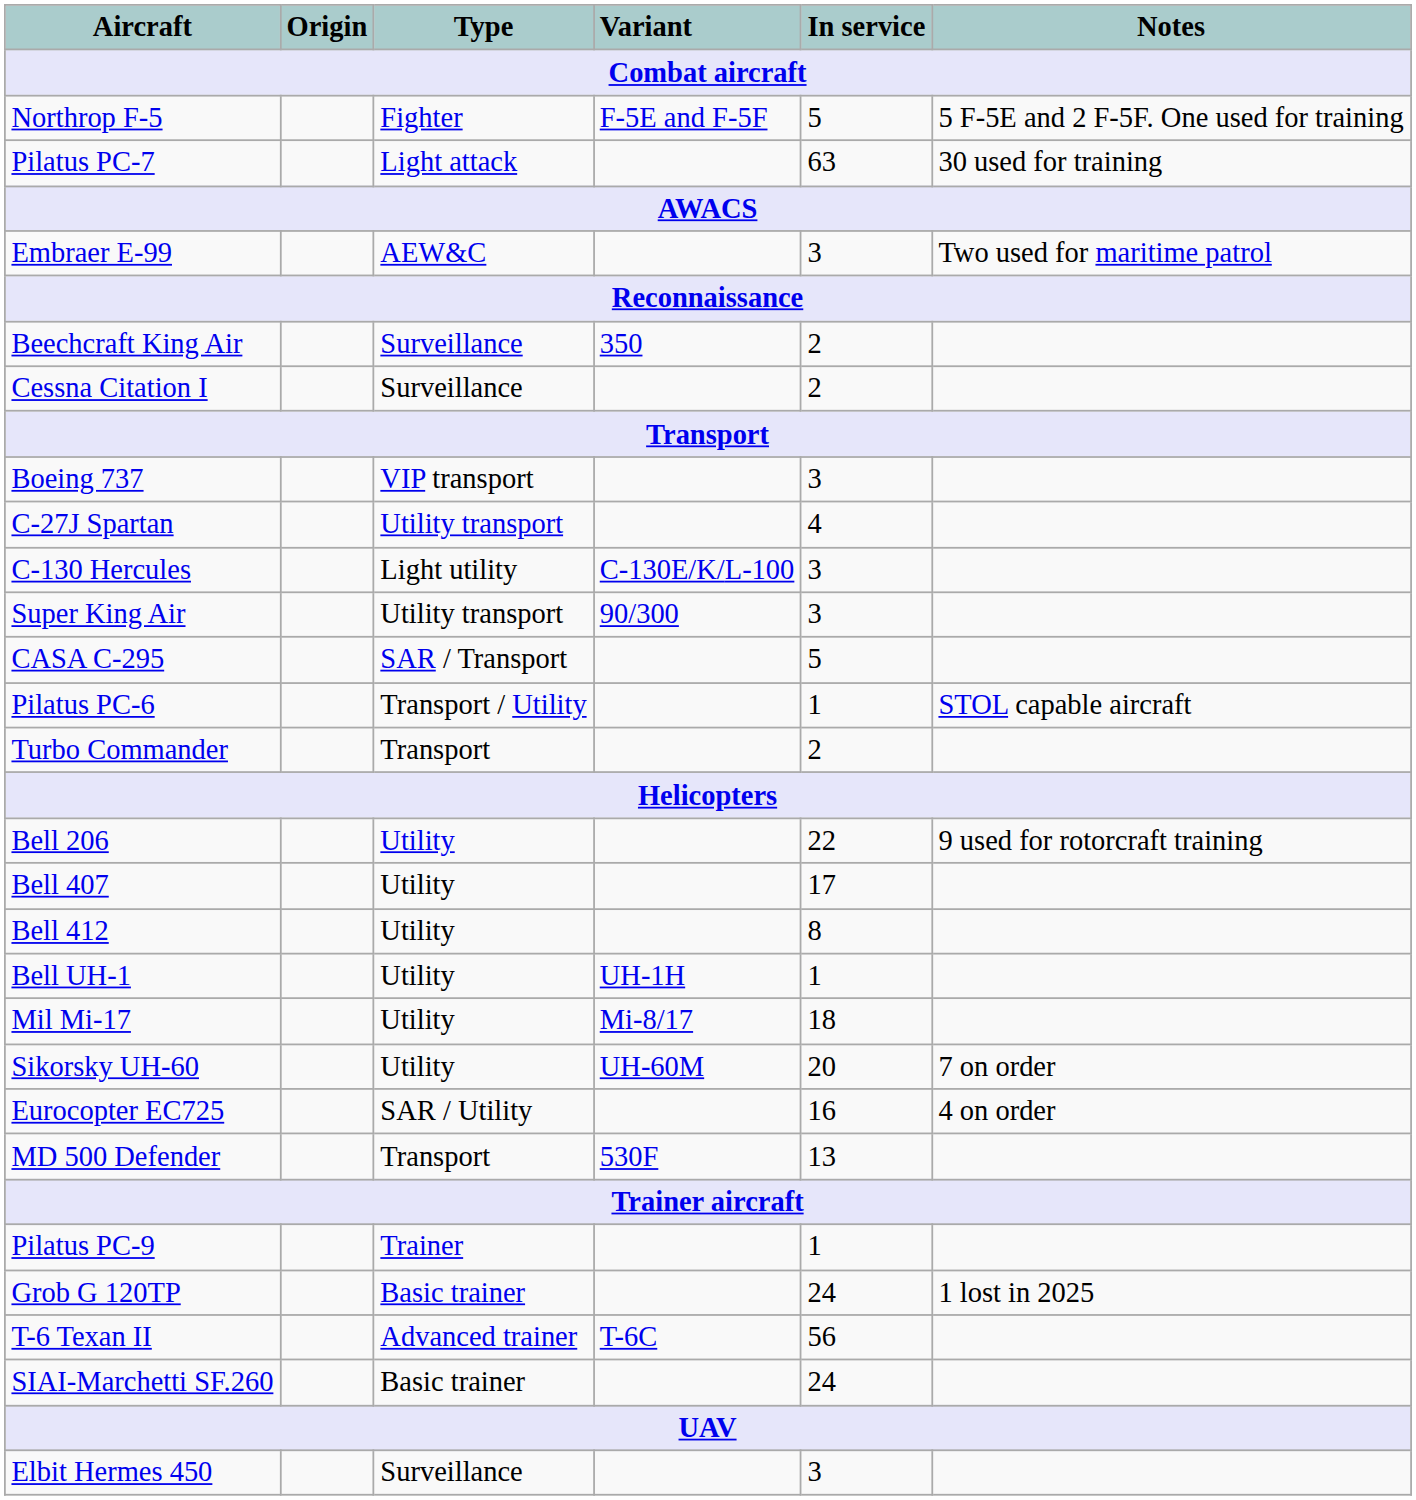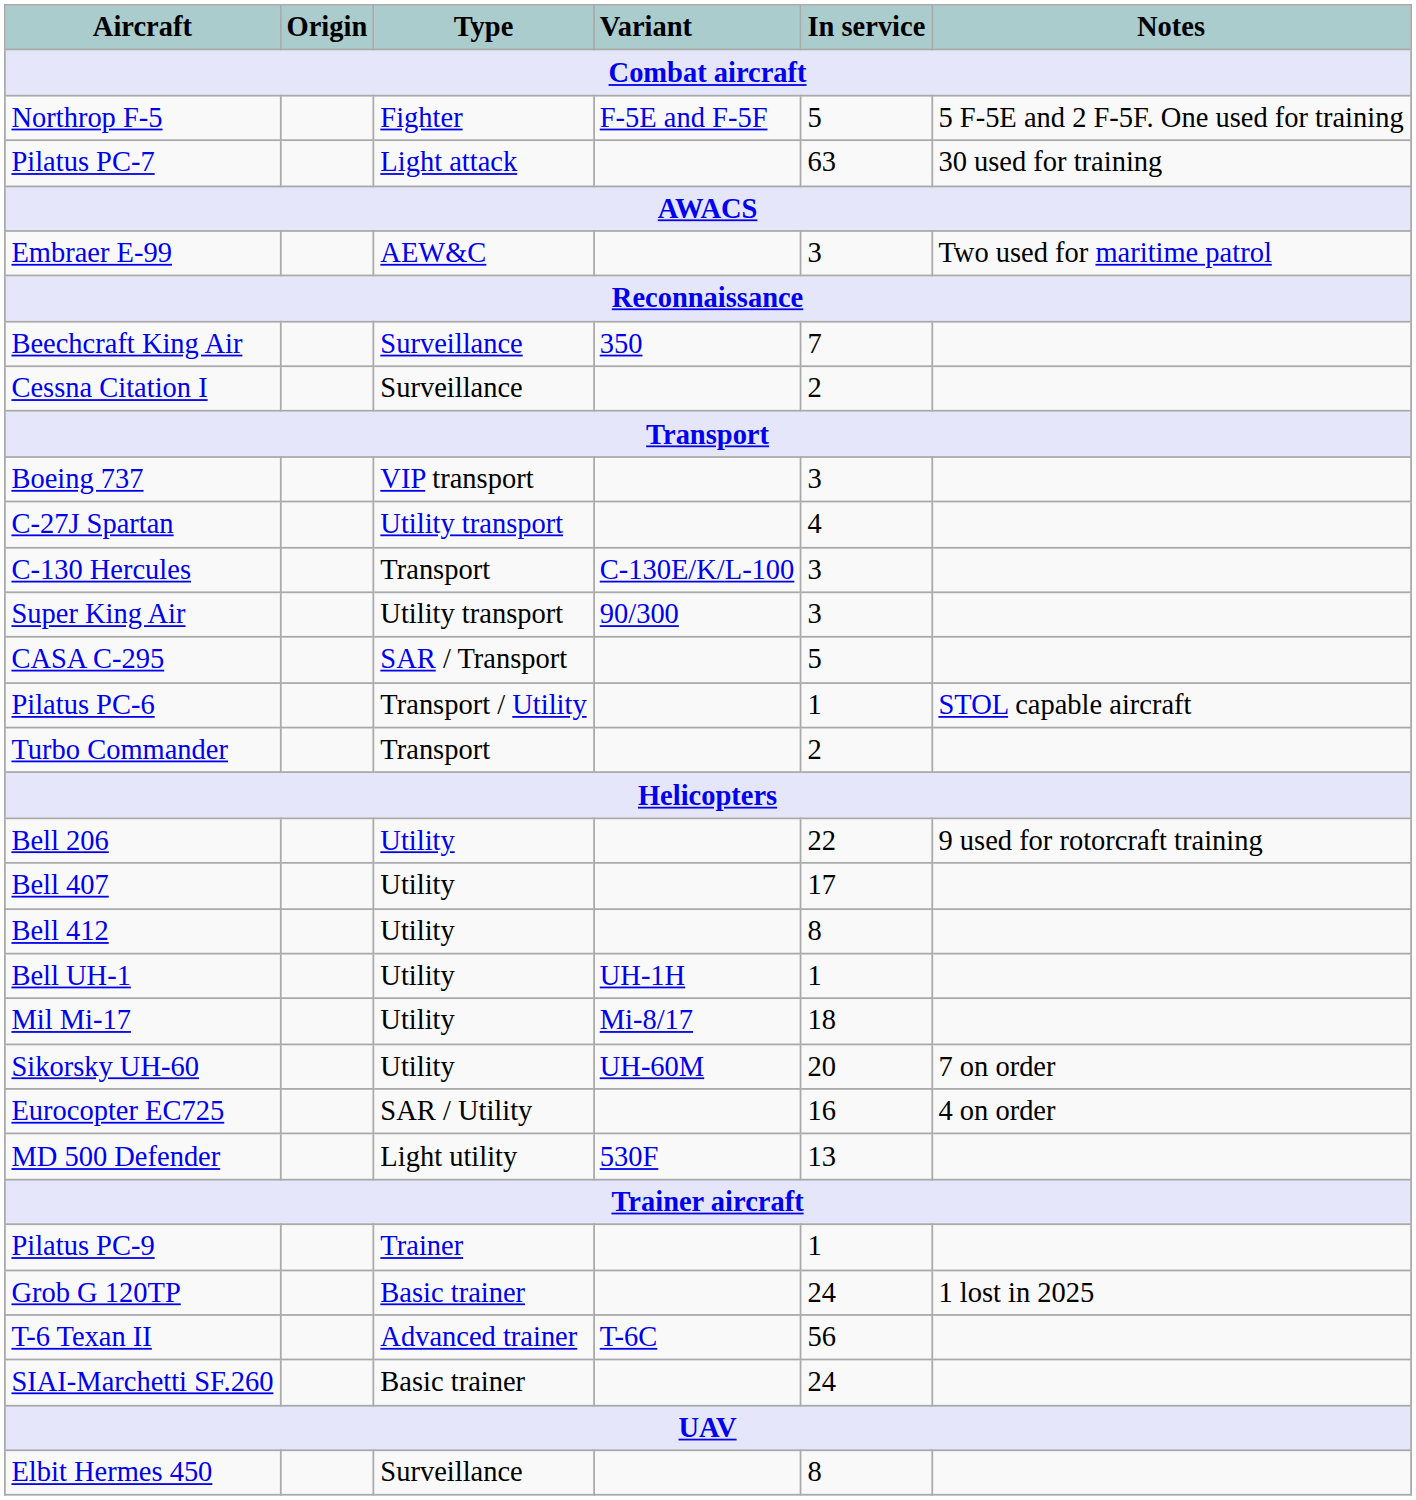 <table class="wikitable">
 <tr>
 <th style="text-align:center; background:#acc;">Aircraft</th>
 <th style="text-align: center; background:#acc;">Origin</th>
 <th style="text-align:l center; background:#acc;">Type</th>
 <th style="text-align:left; background:#acc;">Variant</th>
 <th style="text-align:center; background:#acc;">In service</th>
 <th style="text-align: center; background:#acc;">Notes</th>
 </tr>
 <tr>
 <th style="align: center; background: lavender;" colspan="7"><a href='#'>Combat aircraft</a></th>
 </tr>
 <tr>
 <td><a href='#'>Northrop F-5</a></td>
 <td></td>
 <td><a href='#'>Fighter</a></td>
 <td><a href='#'>F-5E and F-5F</a></td>
 <td>5</td>
 <td>5 F-5E and 2 F-5F. One used for training</td>
 </tr>
 <tr>
 <td><a href='#'>Pilatus PC-7</a></td>
 <td></td>
 <td><a href='#'>Light attack</a></td>
 <td></td>
 <td>63</td>
 <td>30 used for training</td>
 </tr>
 <tr>
 <th style="align: center; background: lavender;" colspan="7"><a href='#'>AWACS</a></th>
 </tr>
 <tr>
 <td><a href='#'>Embraer E-99</a></td>
 <td></td>
 <td><a href='#'>AEW&C</a></td>
 <td></td>
 <td>3</td>
 <td>Two used for <a href='#'>maritime patrol</a></td>
 </tr>
 <tr>
 <th style="align: center; background: lavender;" colspan="7"><a href='#'>Reconnaissance</a></th>
 </tr>
 <tr>
 <td><a href='#'>Beechcraft King Air</a></td>
 <td></td>
 <td><a href='#'>Surveillance</a></td>
 <td><a href='#'>350</a></td>
-<td>2</td>
+<td>7</td>
 <td></td>
 </tr>
 <tr>
 <td><a href='#'>Cessna Citation I</a></td>
 <td></td>
 <td>Surveillance</td>
 <td></td>
 <td>2</td>
 <td></td>
 </tr>
 <tr>
 <th style="align: center; background: lavender;" colspan="7"><a href='#'>Transport</a></th>
 </tr>
 <tr>
 <td><a href='#'>Boeing 737</a></td>
 <td></td>
 <td><a href='#'>VIP</a> transport</td>
 <td></td>
 <td>3</td>
 <td></td>
 </tr>
 <tr>
 <td><a href='#'>C-27J Spartan</a></td>
 <td></td>
 <td><a href='#'>Utility transport</a></td>
 <td></td>
 <td>4</td>
 <td></td>
 </tr>
 <tr>
 <td><a href='#'>C-130 Hercules</a></td>
 <td></td>
-<td>Light utility</td>
+<td>Transport</td>
 <td><a href='#'>C-130E/K/</a><a href='#'>L-100</a></td>
 <td>3</td>
 <td></td>
 </tr>
 <tr>
 <td><a href='#'>Super King Air</a></td>
 <td></td>
 <td>Utility transport</td>
 <td><a href='#'>90/300</a></td>
 <td>3</td>
 <td></td>
 </tr>
 <tr>
 <td><a href='#'>CASA C-295</a></td>
 <td></td>
 <td><a href='#'>SAR</a> / Transport</td>
 <td></td>
 <td>5</td>
 <td></td>
 </tr>
 <tr>
 <td><a href='#'>Pilatus PC-6</a></td>
 <td></td>
 <td>Transport / <a href='#'>Utility</a></td>
 <td></td>
 <td>1</td>
 <td><a href='#'>STOL</a> capable aircraft</td>
 </tr>
 <tr>
 <td><a href='#'>Turbo Commander</a></td>
 <td></td>
 <td>Transport</td>
 <td></td>
 <td>2</td>
 <td></td>
 </tr>
 <tr>
 <th style="align: center; background: lavender;" colspan="7"><a href='#'>Helicopters</a></th>
 </tr>
 <tr>
 <td><a href='#'>Bell 206</a></td>
 <td></td>
 <td><a href='#'>Utility</a></td>
 <td></td>
 <td>22</td>
 <td>9 used for rotorcraft training</td>
 </tr>
 <tr>
 <td><a href='#'>Bell 407</a></td>
 <td></td>
 <td>Utility</td>
 <td></td>
 <td>17</td>
 <td></td>
 </tr>
 <tr>
 <td><a href='#'>Bell 412</a></td>
 <td></td>
 <td>Utility</td>
 <td></td>
 <td>8</td>
 <td></td>
 </tr>
 <tr>
 <td><a href='#'>Bell UH-1</a></td>
 <td></td>
 <td>Utility</td>
 <td><a href='#'>UH-1H</a></td>
 <td>1</td>
 <td></td>
 </tr>
 <tr>
 <td><a href='#'>Mil Mi-17</a></td>
 <td></td>
 <td>Utility</td>
 <td><a href='#'>Mi-8/17</a></td>
 <td>18</td>
 <td></td>
 </tr>
 <tr>
 <td><a href='#'>Sikorsky UH-60</a></td>
 <td></td>
 <td>Utility</td>
 <td><a href='#'>UH-60M</a></td>
 <td>20</td>
 <td>7 on order</td>
 </tr>
 <tr>
 <td><a href='#'>Eurocopter EC725</a></td>
 <td></td>
 <td>SAR / Utility</td>
 <td></td>
 <td>16</td>
 <td>4 on order</td>
 </tr>
 <tr>
 <td><a href='#'>MD 500 Defender</a></td>
 <td></td>
-<td>Transport</td>
+<td>Light utility</td>
 <td><a href='#'>530F</a></td>
 <td>13</td>
 <td></td>
 </tr>
 <tr>
 <th style="align: center; background: lavender;" colspan="7"><a href='#'>Trainer aircraft</a></th>
 </tr>
 <tr>
 <td><a href='#'>Pilatus PC-9</a></td>
 <td></td>
 <td><a href='#'>Trainer</a></td>
 <td></td>
 <td>1</td>
 <td></td>
 </tr>
 <tr>
 <td><a href='#'>Grob G 120TP</a></td>
 <td></td>
 <td><a href='#'>Basic trainer</a></td>
 <td></td>
 <td>24</td>
 <td>1 lost in 2025</td>
 </tr>
 <tr>
 <td><a href='#'>T-6 Texan II</a></td>
 <td></td>
 <td><a href='#'>Advanced trainer</a></td>
 <td><a href='#'> T-6C</a></td>
 <td>56</td>
 <td></td>
 </tr>
 <tr>
 <td><a href='#'>SIAI-Marchetti SF.260</a></td>
 <td></td>
 <td>Basic trainer</td>
 <td></td>
 <td>24</td>
 <td></td>
 </tr>
 <tr>
 <th style="align: center; background: lavender;" colspan="7"><a href='#'>UAV</a></th>
 </tr>
 <tr>
 <td><a href='#'>Elbit Hermes 450</a></td>
 <td></td>
 <td>Surveillance</td>
 <td></td>
-<td>3</td>
+<td>8</td>
 <td></td>
 </tr>
 </table>
